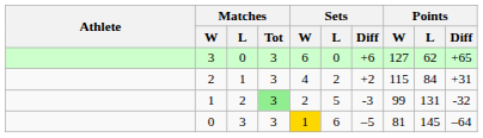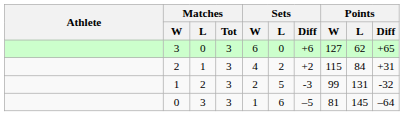 <table class=wikitable style="text-align:center">
 <tr>
 <th rowspan=2 width=220>Athlete</th>
 <th colspan=3 width=90>Matches</th>
 <th colspan=3 width=90>Sets</th>
 <th colspan=3 width=90>Points</th>
 </tr>
 <tr>
 <th width=30>W</th>
 <th width=30>L</th>
 <th width=30>Tot</th>
 <th width=30>W</th>
 <th width=30>L</th>
 <th width=30>Diff</th>
 <th width=30>W</th>
 <th width=30>L</th>
 <th width=30>Diff</th>
 </tr>
 <tr bgcolor=ccffcc>
 <td style="text-align:left"></td>
 <td>3</td>
 <td>0</td>
 <td>3</td>
 <td>6</td>
 <td>0</td>
 <td>+6</td>
 <td>127</td>
 <td>62</td>
 <td>+65</td>
 </tr>
 <tr>
 <td style="text-align:left"></td>
 <td>2</td>
 <td>1</td>
 <td>3</td>
 <td>4</td>
 <td>2</td>
 <td>+2</td>
 <td>115</td>
 <td>84</td>
 <td>+31</td>
 </tr>
 <tr>
 <td style="text-align:left"></td>
 <td>1</td>
 <td>2</td>
-<td style="background: lightgreen;">3</td>
+<td>3</td>
 <td>2</td>
 <td>5</td>
 <td>-3</td>
 <td>99</td>
 <td>131</td>
 <td>-32</td>
 </tr>
 <tr>
 <td style="text-align:left"></td>
 <td>0</td>
 <td>3</td>
 <td>3</td>
-<td style="background: gold;">1</td>
+<td>1</td>
 <td>6</td>
 <td>–5</td>
 <td>81</td>
 <td>145</td>
 <td>–64</td>
 </tr>
 </table>
